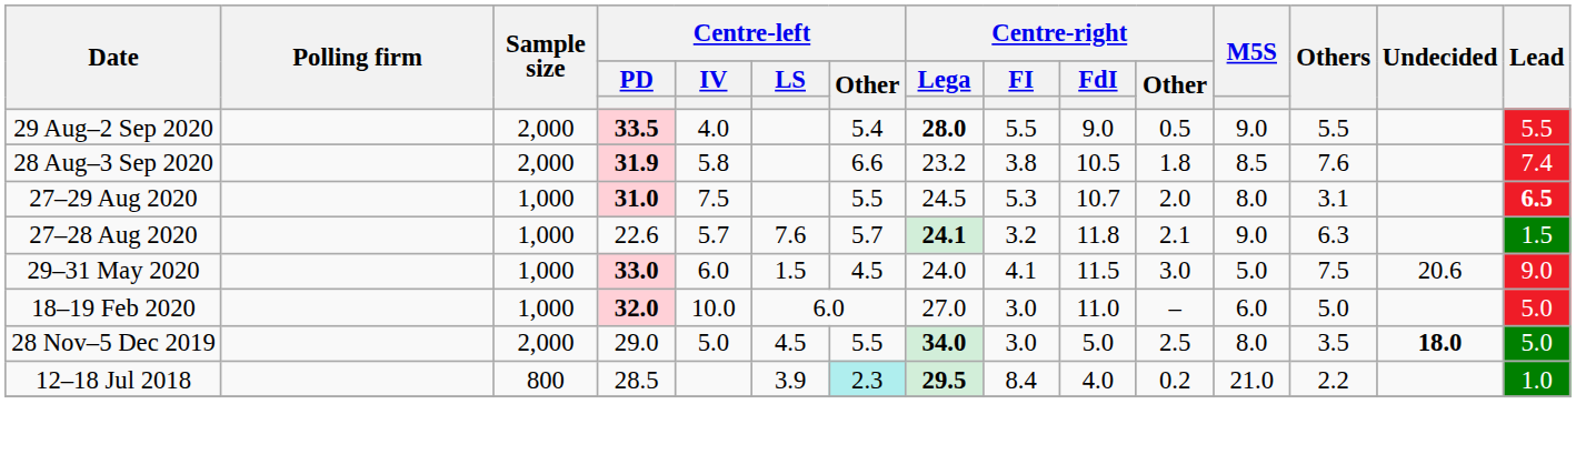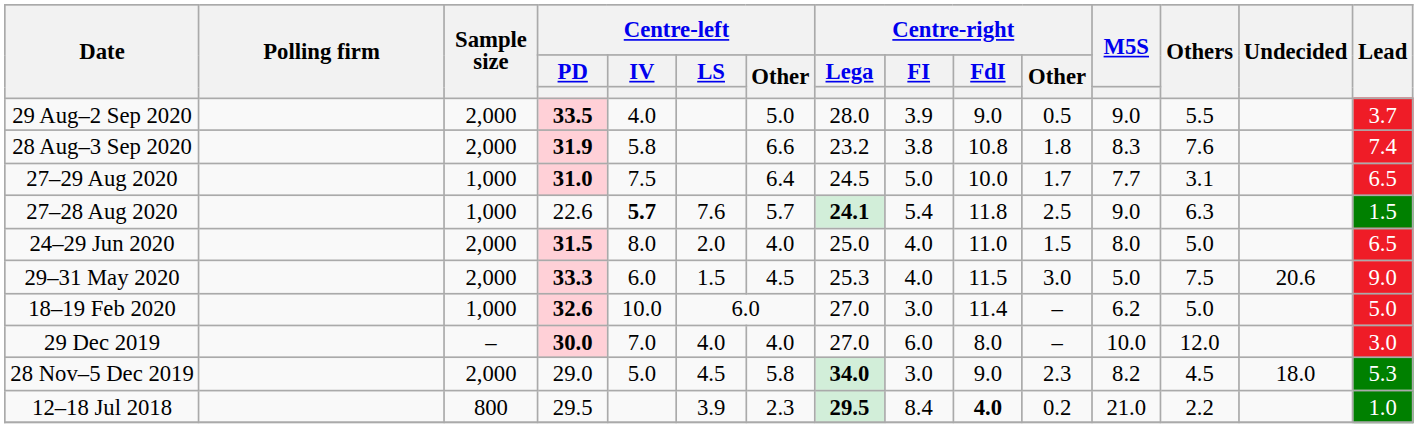 <table class="wikitable collapsible collapsed" style="text-align:center;font-size:85%;line-height:13px">
 <tr style="height:30px; background-color:#E9E9E9">
 <th style="width:110px;" rowspan="3">Date</th>
 <th style="width:140px;" rowspan="3">Polling firm</th>
 <th style="width:50px;" rowspan="3">Sample size</th>
 <th colspan="4" style="width:35px;"><a href='#'>Centre-left</a></th>
 <th colspan="4" style="width:35px;"><a href='#'>Centre-right</a></th>
 <th rowspan="2" style="width:35px;"><a href='#'>M5S</a></th>
 <th style="width:35px;" rowspan="3">Others</th>
 <th style="width:35px;" rowspan="3">Undecided</th>
 <th style="width:25px;" rowspan="3">Lead</th>
 </tr>
 <tr>
 <th style="width:35px;"><a href='#'>PD</a></th>
 <th style="width:35px;"><a href='#'>IV</a></th>
 <th style="width:35px;"><a href='#'>LS</a></th>
 <th rowspan="2" style="width:35px;">Other</th>
 <th style="width:35px;"><a href='#'>Lega</a></th>
 <th style="width:35px;"><a href='#'>FI</a></th>
 <th style="width:35px;"><a href='#'>FdI</a></th>
 <th rowspan="2" style="width:35px;">Other</th>
 </tr>
 <tr>
 <th style="background:"></th>
 <th style="background:"></th>
 <th style="background:"></th>
 <th style="background:"></th>
 <th style="background:"></th>
 <th style="background:"></th>
 <th style="background:"></th>
 </tr>
 <tr>
 <td>29 Aug–2 Sep 2020</td>
 <td></td>
 <td>2,000</td>
 <td style="background:#FFD0D7"><strong>33.5</strong></td>
 <td>4.0</td>
 <td></td>
-<td>5.4</td>
-<td><strong>28.0</strong></td>
-<td>5.5</td>
+<td>5.0</td>
+<td>28.0</td>
+<td>3.9</td>
 <td>9.0</td>
 <td>0.5</td>
 <td>9.0</td>
 <td>5.5</td>
 <td></td>
-<td style="background:#EF1C27; color:white;">5.5</td>
+<td style="background:#EF1C27; color:white;">3.7</td>
 </tr>
 <tr>
 <td>28 Aug–3 Sep 2020</td>
 <td></td>
 <td>2,000</td>
 <td style="background:#FFD0D7"><strong>31.9</strong></td>
 <td>5.8</td>
 <td></td>
 <td>6.6</td>
 <td>23.2</td>
 <td>3.8</td>
-<td>10.5</td>
+<td>10.8</td>
 <td>1.8</td>
-<td>8.5</td>
+<td>8.3</td>
 <td>7.6</td>
 <td></td>
 <td style="background:#EF1C27; color:white;">7.4</td>
 </tr>
 <tr>
 <td>27–29 Aug 2020</td>
 <td></td>
 <td>1,000</td>
 <td style="background:#FFD0D7"><strong>31.0</strong></td>
 <td>7.5</td>
 <td></td>
-<td>5.5</td>
+<td>6.4</td>
 <td>24.5</td>
-<td>5.3</td>
-<td>10.7</td>
-<td>2.0</td>
-<td>8.0</td>
+<td>5.0</td>
+<td>10.0</td>
+<td>1.7</td>
+<td>7.7</td>
 <td>3.1</td>
 <td></td>
-<td style="background:#EF1C27; color:white;"><strong>6.5</strong></td>
+<td style="background:#EF1C27; color:white;">6.5</td>
 </tr>
 <tr>
 <td>27–28 Aug 2020</td>
 <td></td>
 <td>1,000</td>
 <td>22.6</td>
-<td>5.7</td>
+<td><strong>5.7</strong></td>
 <td>7.6</td>
 <td>5.7</td>
 <td style="background:#D2EED9"><strong>24.1</strong></td>
-<td>3.2</td>
+<td>5.4</td>
 <td>11.8</td>
-<td>2.1</td>
+<td>2.5</td>
 <td>9.0</td>
 <td>6.3</td>
 <td></td>
 <td style="background:#008000; color:white;">1.5</td>
 </tr>
 <tr>
+<td>24–29 Jun 2020</td>
+<td></td>
+<td>2,000</td>
+<td style="background:#FFD0D7"><strong>31.5</strong></td>
+<td>8.0</td>
+<td>2.0</td>
+<td>4.0</td>
+<td>25.0</td>
+<td>4.0</td>
+<td>11.0</td>
+<td>1.5</td>
+<td>8.0</td>
+<td>5.0</td>
+<td></td>
+<td style="background:#EF1C27; color:white;">6.5</td>
+</tr>
+<tr>
 <td>29–31 May 2020</td>
 <td></td>
-<td>1,000</td>
-<td style="background:#FFD0D7"><strong>33.0</strong></td>
+<td>2,000</td>
+<td style="background:#FFD0D7"><strong>33.3</strong></td>
 <td>6.0</td>
 <td>1.5</td>
 <td>4.5</td>
-<td>24.0</td>
-<td>4.1</td>
+<td>25.3</td>
+<td>4.0</td>
 <td>11.5</td>
 <td>3.0</td>
 <td>5.0</td>
 <td>7.5</td>
 <td>20.6</td>
 <td style="background:#EF1C27; color:white;">9.0</td>
 </tr>
 <tr>
 <td>18–19 Feb 2020</td>
 <td></td>
 <td>1,000</td>
-<td style="background:#FFD0D7"><strong>32.0</strong></td>
+<td style="background:#FFD0D7"><strong>32.6</strong></td>
 <td>10.0</td>
 <td colspan="2">6.0</td>
 <td>27.0</td>
 <td>3.0</td>
-<td>11.0</td>
+<td>11.4</td>
 <td>–</td>
-<td>6.0</td>
+<td>6.2</td>
 <td>5.0</td>
 <td></td>
 <td style="background:#EF1C27; color:white;">5.0</td>
+</tr>
+<tr>
+<td>29 Dec 2019</td>
+<td></td>
+<td>–</td>
+<td style="background:#FFD0D7"><strong>30.0</strong></td>
+<td>7.0</td>
+<td>4.0</td>
+<td>4.0</td>
+<td>27.0</td>
+<td>6.0</td>
+<td>8.0</td>
+<td>–</td>
+<td>10.0</td>
+<td>12.0</td>
+<td></td>
+<td style="background:#EF1C27; color:white;">3.0</td>
 </tr>
 <tr>
 <td>28 Nov–5 Dec 2019</td>
 <td></td>
 <td>2,000</td>
 <td>29.0</td>
 <td>5.0</td>
 <td>4.5</td>
-<td>5.5</td>
+<td>5.8</td>
 <td style="background:#D2EED9"><strong>34.0</strong></td>
 <td>3.0</td>
-<td>5.0</td>
-<td>2.5</td>
-<td>8.0</td>
-<td>3.5</td>
-<td><strong>18.0</strong></td>
-<td style="background:#008000; color:white;">5.0</td>
+<td>9.0</td>
+<td>2.3</td>
+<td>8.2</td>
+<td>4.5</td>
+<td>18.0</td>
+<td style="background:#008000; color:white;">5.3</td>
 </tr>
 <tr>
 <td>12–18 Jul 2018</td>
 <td></td>
 <td>800</td>
-<td>28.5</td>
+<td>29.5</td>
 <td></td>
 <td>3.9</td>
-<td style="background: paleturquoise;">2.3</td>
+<td>2.3</td>
 <td style="background:#D2EED9"><strong>29.5</strong></td>
 <td>8.4</td>
-<td>4.0</td>
+<td><strong>4.0</strong></td>
 <td>0.2</td>
 <td>21.0</td>
 <td>2.2</td>
 <td></td>
 <td style="background:#008000; color:white;">1.0</td>
 </tr>
 <tr>
 </tr>
 </table>
